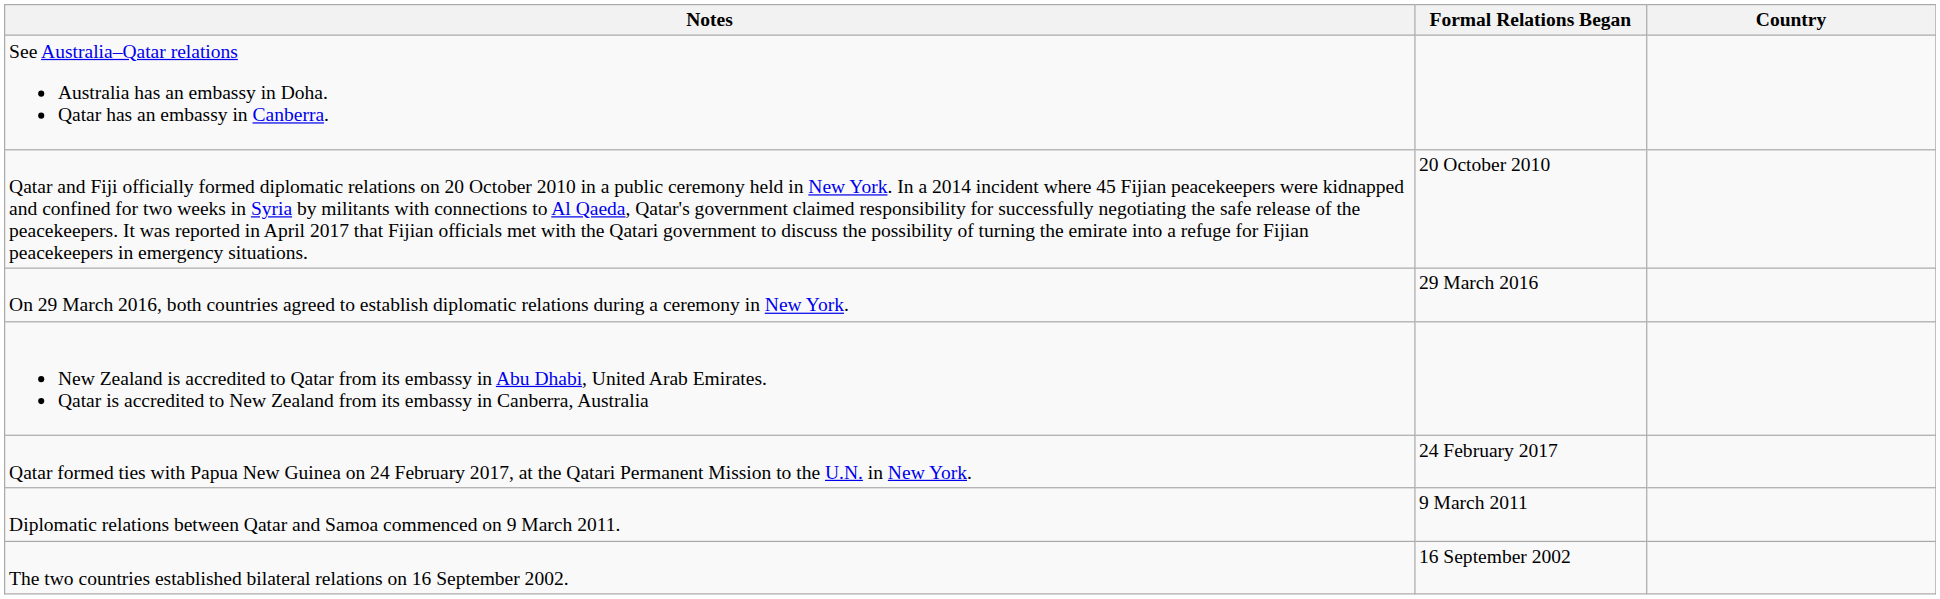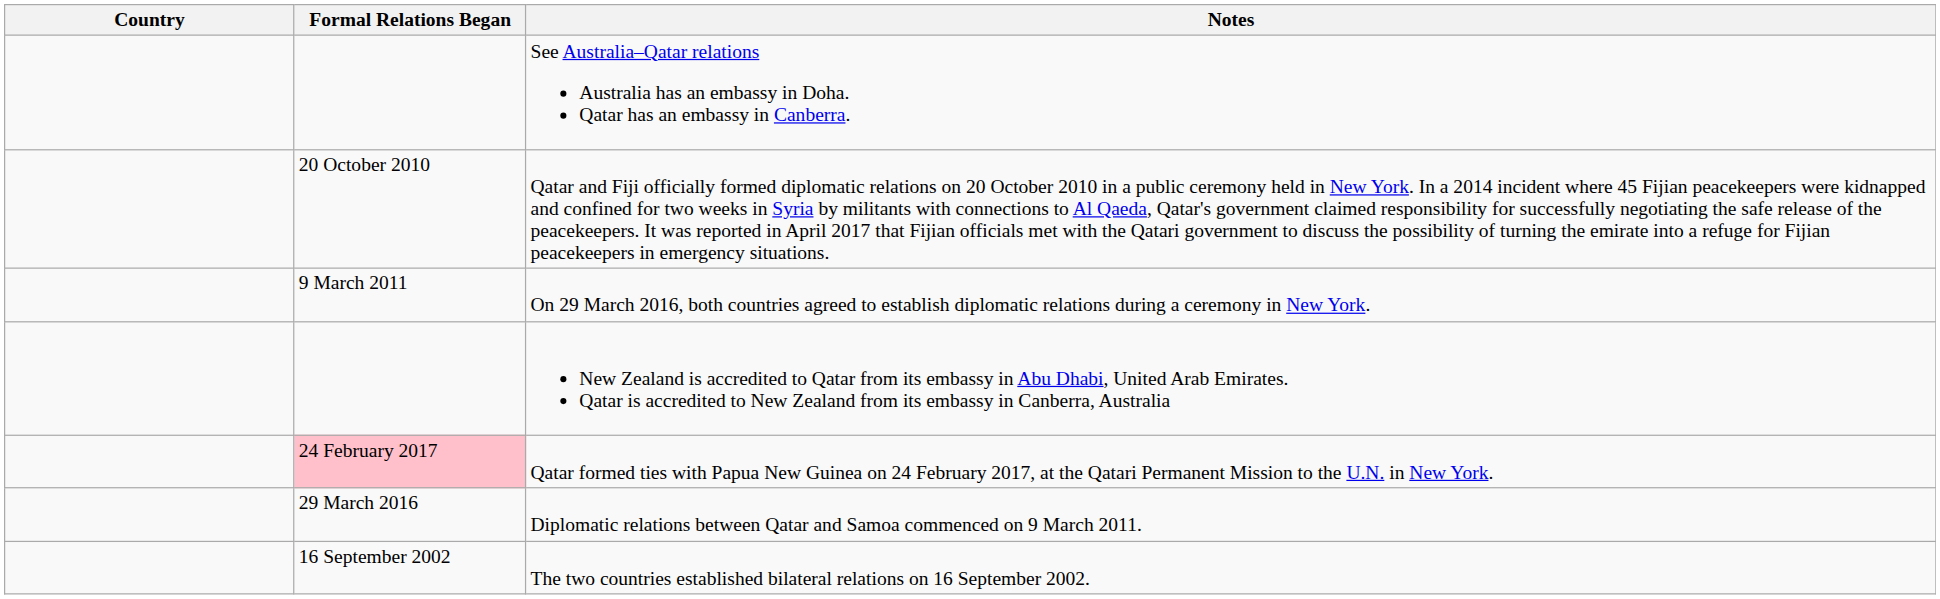 <table class="wikitable sortable" style="width:100%; margin:auto;">
 <tr>
+<th style="width:15%;">Country</th>
+<th style="width:12%;">Formal Relations Began</th>
 <th>Notes</th>
-<th style="width:12%;">Formal Relations Began</th>
-<th style="width:15%;">Country</th>
 </tr>
 <tr valign="top">
-<td>See <a href='#'>Australia–Qatar relations</a><br><ul><li>Australia has an embassy in Doha.</li><li>Qatar has an embassy in <a href='#'>Canberra</a>.</li></ul></td>
 <td></td>
 <td></td>
+<td>See <a href='#'>Australia–Qatar relations</a><br><ul><li>Australia has an embassy in Doha.</li><li>Qatar has an embassy in <a href='#'>Canberra</a>.</li></ul></td>
 </tr>
 <tr valign="top">
+<td></td>
+<td>20 October 2010</td>
 <td><br>Qatar and Fiji officially formed diplomatic relations on 20 October 2010 in a public ceremony held in <a href='#'>New York</a>. In a 2014 incident where 45 Fijian peacekeepers were kidnapped and confined for two weeks in <a href='#'>Syria</a> by militants with connections to <a href='#'>Al Qaeda</a>, Qatar's government claimed responsibility for successfully negotiating the safe release of the peacekeepers. It was reported in April 2017 that Fijian officials met with the Qatari government to discuss the possibility of turning the emirate into a refuge for Fijian peacekeepers in emergency situations.</td>
-<td>20 October 2010</td>
-<td></td>
 </tr>
 <tr valign="top">
+<td></td>
+<td>9 March 2011</td>
 <td><br>On 29 March 2016, both countries agreed to establish diplomatic relations during a ceremony in <a href='#'>New York</a>.</td>
-<td>29 March 2016</td>
-<td></td>
 </tr>
 <tr valign="top">
-<td><br><ul><li>New Zealand is accredited to Qatar from its embassy in <a href='#'>Abu Dhabi</a>, United Arab Emirates.</li><li>Qatar is accredited to New Zealand from its embassy in Canberra, Australia</li></ul></td>
 <td></td>
 <td></td>
+<td><br><ul><li>New Zealand is accredited to Qatar from its embassy in <a href='#'>Abu Dhabi</a>, United Arab Emirates.</li><li>Qatar is accredited to New Zealand from its embassy in Canberra, Australia</li></ul></td>
 </tr>
 <tr valign="top">
+<td></td>
+<td style="background: pink;">24 February 2017</td>
 <td><br>Qatar formed ties with Papua New Guinea on 24 February 2017, at the Qatari Permanent Mission to the <a href='#'>U.N.</a> in <a href='#'>New York</a>.</td>
-<td>24 February 2017</td>
-<td></td>
 </tr>
 <tr valign="top">
+<td></td>
+<td>29 March 2016</td>
 <td><br>Diplomatic relations between Qatar and Samoa commenced on 9 March 2011.</td>
-<td>9 March 2011</td>
-<td></td>
 </tr>
 <tr valign="top">
+<td></td>
+<td>16 September 2002</td>
 <td><br>The two countries established bilateral relations on 16 September 2002.</td>
-<td>16 September 2002</td>
-<td></td>
 </tr>
 </table>
